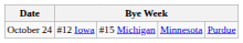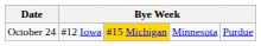 <table class="wikitable" style="font-size:95%;">
 <tr>
 <th>Date</th>
 <th colspan="4">Bye Week</th>
 </tr>
 <tr>
 <td>October 24</td>
 <td>#12 <a href='#'>Iowa</a></td>
-<td>#15 <a href='#'>Michigan</a></td>
+<td style="background: gold;">#15 <a href='#'>Michigan</a></td>
 <td><a href='#'>Minnesota</a></td>
 <td><a href='#'>Purdue</a></td>
 </tr>
 </table>
